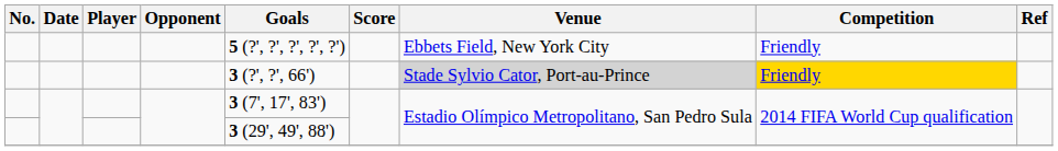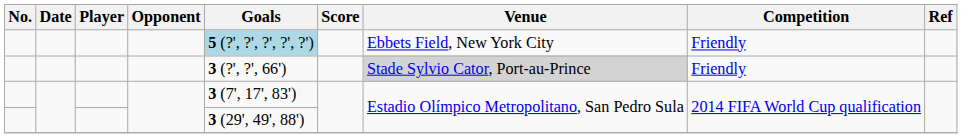 <table class="wikitable sortable">
 <tr>
 <th>No.</th>
 <th>Date</th>
 <th>Player</th>
 <th>Opponent</th>
 <th>Goals</th>
 <th>Score</th>
 <th>Venue</th>
 <th>Competition</th>
 <th>Ref</th>
 </tr>
 <tr>
 <td></td>
 <td></td>
 <td></td>
 <td></td>
-<td><strong>5</strong> (?', ?', ?', ?', ?')</td>
+<td style="background: lightblue;"><strong>5</strong> (?', ?', ?', ?', ?')</td>
 <td></td>
 <td><a href='#'>Ebbets Field</a>, New York City</td>
 <td><a href='#'>Friendly</a></td>
 <td></td>
 </tr>
 <tr>
 <td></td>
 <td></td>
 <td></td>
 <td></td>
 <td><strong>3</strong> (?', ?', 66')</td>
 <td></td>
 <td style="background: lightgrey;"><a href='#'>Stade Sylvio Cator</a>, Port-au-Prince</td>
-<td style="background: gold;"><a href='#'>Friendly</a></td>
+<td><a href='#'>Friendly</a></td>
 <td></td>
 </tr>
 <tr>
 <td></td>
 <td rowspan=2></td>
 <td></td>
 <td rowspan=2></td>
 <td><strong>3</strong> (7', 17', 83')</td>
 <td rowspan=2></td>
 <td rowspan=2><a href='#'>Estadio Olímpico Metropolitano</a>, San Pedro Sula</td>
 <td rowspan=2><a href='#'>2014 FIFA World Cup qualification</a></td>
 <td rowspan=2></td>
 </tr>
 <tr>
 <td></td>
 <td></td>
 <td><strong>3</strong> (29', 49', 88')</td>
 </tr>
 <tr>
 </tr>
 </table>
